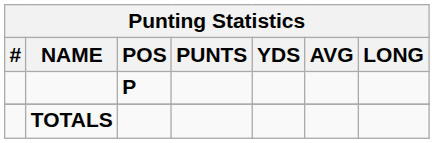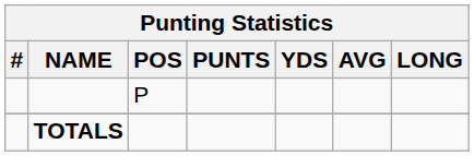 <table class="wikitable sortable collapsible collapsed">
 <tr>
 <th colspan="12">Punting Statistics</th>
 </tr>
 <tr>
 <th>#</th>
 <th>NAME</th>
 <th>POS</th>
 <th>PUNTS</th>
 <th>YDS</th>
 <th>AVG</th>
 <th>LONG</th>
 </tr>
 <tr>
 <td></td>
 <td></td>
-<td><strong>P</strong></td>
+<td>P</td>
 <td></td>
 <td></td>
 <td></td>
 <td></td>
 </tr>
 <tr>
 </tr>
 <tr>
 <td></td>
 <td><strong>TOTALS</strong></td>
 <td></td>
 <td></td>
 <td></td>
 <td></td>
 <td></td>
 </tr>
 </table>
